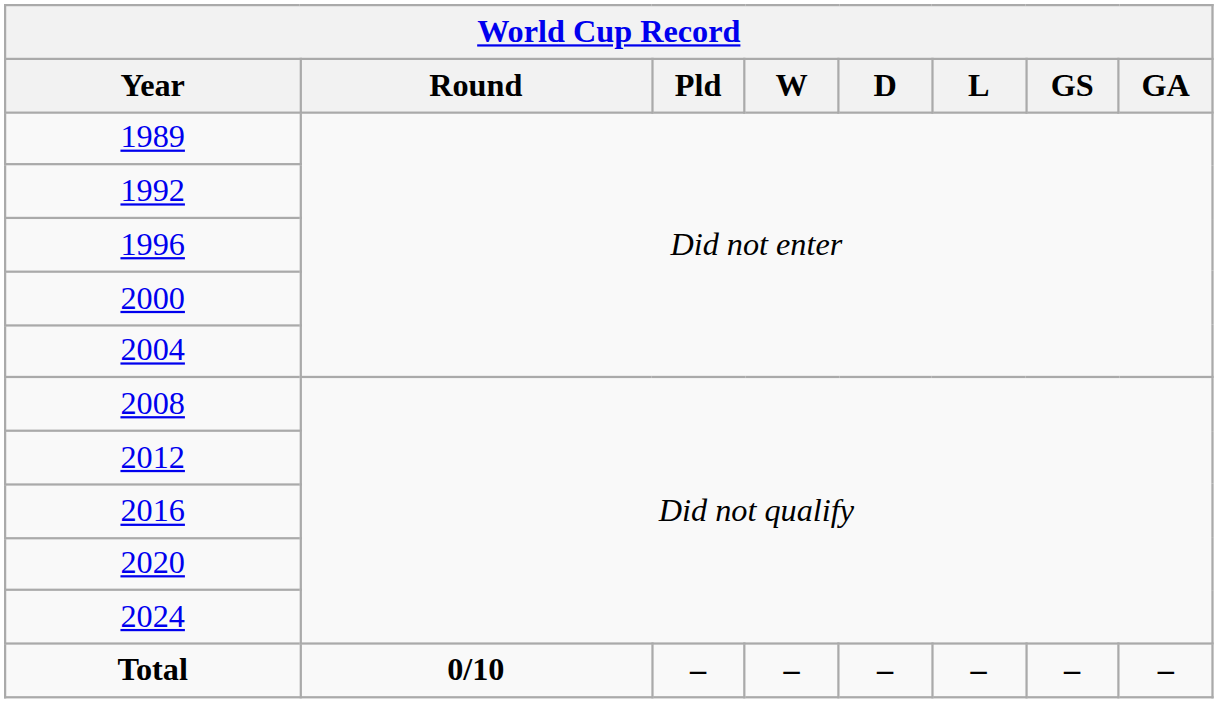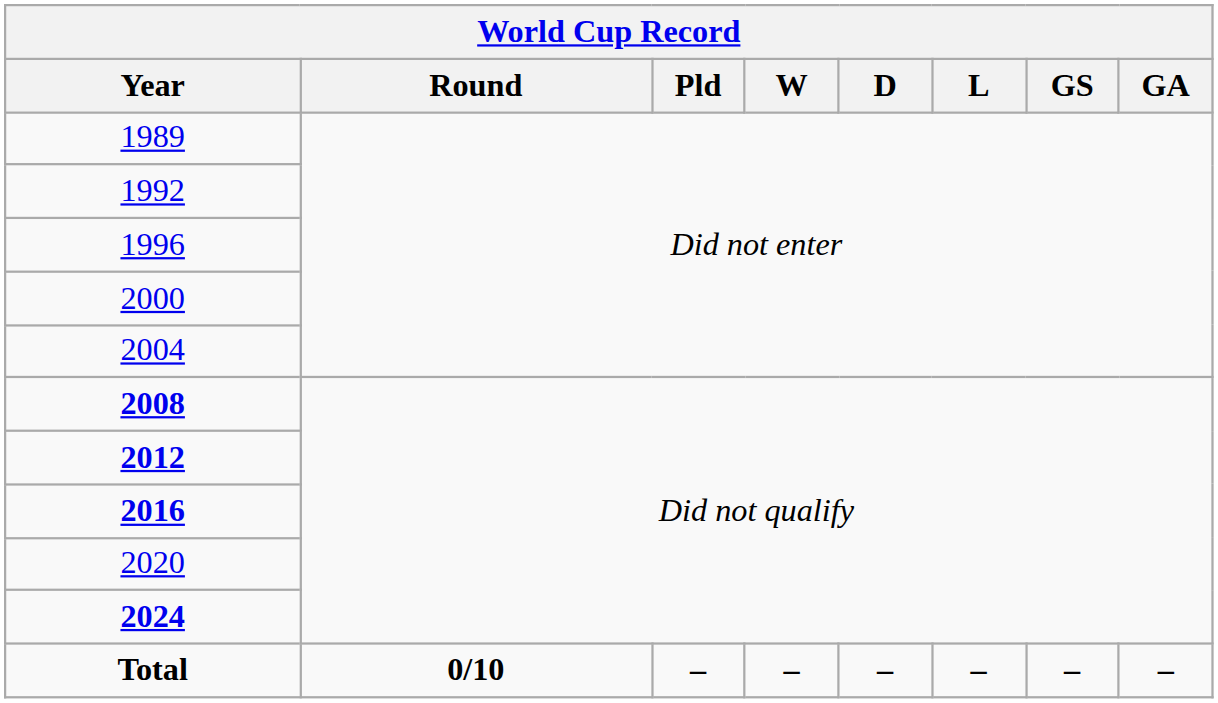 <table class="wikitable" style="text-align: center;font-size:90%;">
 <tr>
 <th colspan=9><a href='#'>World Cup Record</a></th>
 </tr>
 <tr>
 <th width=125>Year</th>
 <th width=150>Round</th>
 <th width=35>Pld</th>
 <th width=35>W</th>
 <th width=35>D</th>
 <th width=35>L</th>
 <th width=35>GS</th>
 <th width=35>GA</th>
 </tr>
 <tr bgcolor=>
 <td> <a href='#'>1989</a></td>
 <td colspan=8 rowspan=5><em>Did not enter</em></td>
 </tr>
 <tr bgcolor=>
 <td> <a href='#'>1992</a></td>
 </tr>
 <tr bgcolor=>
 <td> <a href='#'>1996</a></td>
 </tr>
 <tr bgcolor=>
 <td> <a href='#'>2000</a></td>
 </tr>
 <tr bgcolor=>
 <td> <a href='#'>2004</a></td>
 </tr>
 <tr bgcolor=>
-<td> <a href='#'>2008</a></td>
+<td><strong> <a href='#'>2008</a></strong></td>
 <td colspan=8 rowspan=5><em>Did not qualify</em></td>
 </tr>
 <tr bgcolor=>
-<td> <a href='#'>2012</a></td>
+<td><strong> <a href='#'>2012</a></strong></td>
 </tr>
 <tr bgcolor=>
-<td> <a href='#'>2016</a></td>
+<td><strong> <a href='#'>2016</a></strong></td>
 </tr>
 <tr bgcolor=>
 <td> <a href='#'>2020</a></td>
 </tr>
 <tr bgcolor=>
-<td> <a href='#'>2024</a></td>
+<td><strong> <a href='#'>2024</a></strong></td>
 </tr>
 <tr bgcolor=>
 <td><strong>Total</strong></td>
 <td><strong>0/10</strong></td>
 <td><strong>–</strong></td>
 <td><strong>–</strong></td>
 <td><strong>–</strong></td>
 <td><strong>–</strong></td>
 <td><strong>–</strong></td>
 <td><strong>–</strong></td>
 </tr>
 </table>
